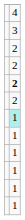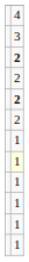 <table class="wikitable">
 <tr>
 </tr>
 <tr>
 <td><a href='#'><strong></strong></a></td>
 <td>4</td>
 </tr>
 <tr>
 <td><a href='#'><strong></strong></a></td>
 <td>3</td>
 </tr>
 <tr>
 <td><a href='#'><strong></strong></a></td>
-<td>2</td>
+<td><strong>2</strong></td>
 </tr>
 <tr>
 <td><a href='#'><strong></strong></a></td>
 <td>2</td>
 </tr>
 <tr>
 <td><a href='#'><strong></strong></a></td>
 <td><strong>2</strong></td>
 </tr>
 <tr>
 <td><a href='#'><strong></strong></a></td>
 <td>2</td>
 </tr>
 <tr>
 <td><a href='#'><strong></strong></a></td>
-<td style="background: paleturquoise;">1</td>
+<td>1</td>
 </tr>
 <tr>
 <td><a href='#'><strong></strong></a></td>
-<td>1</td>
+<td style="background: lightyellow;">1</td>
 </tr>
 <tr>
 <td><a href='#'><strong></strong></a></td>
 <td>1</td>
 </tr>
 <tr>
 <td><a href='#'><strong></strong></a></td>
 <td>1</td>
 </tr>
 <tr>
 <td><a href='#'><strong></strong></a></td>
 <td>1</td>
 </tr>
 <tr>
 <td><a href='#'><strong></strong></a></td>
 <td>1</td>
 </tr>
 </table>
